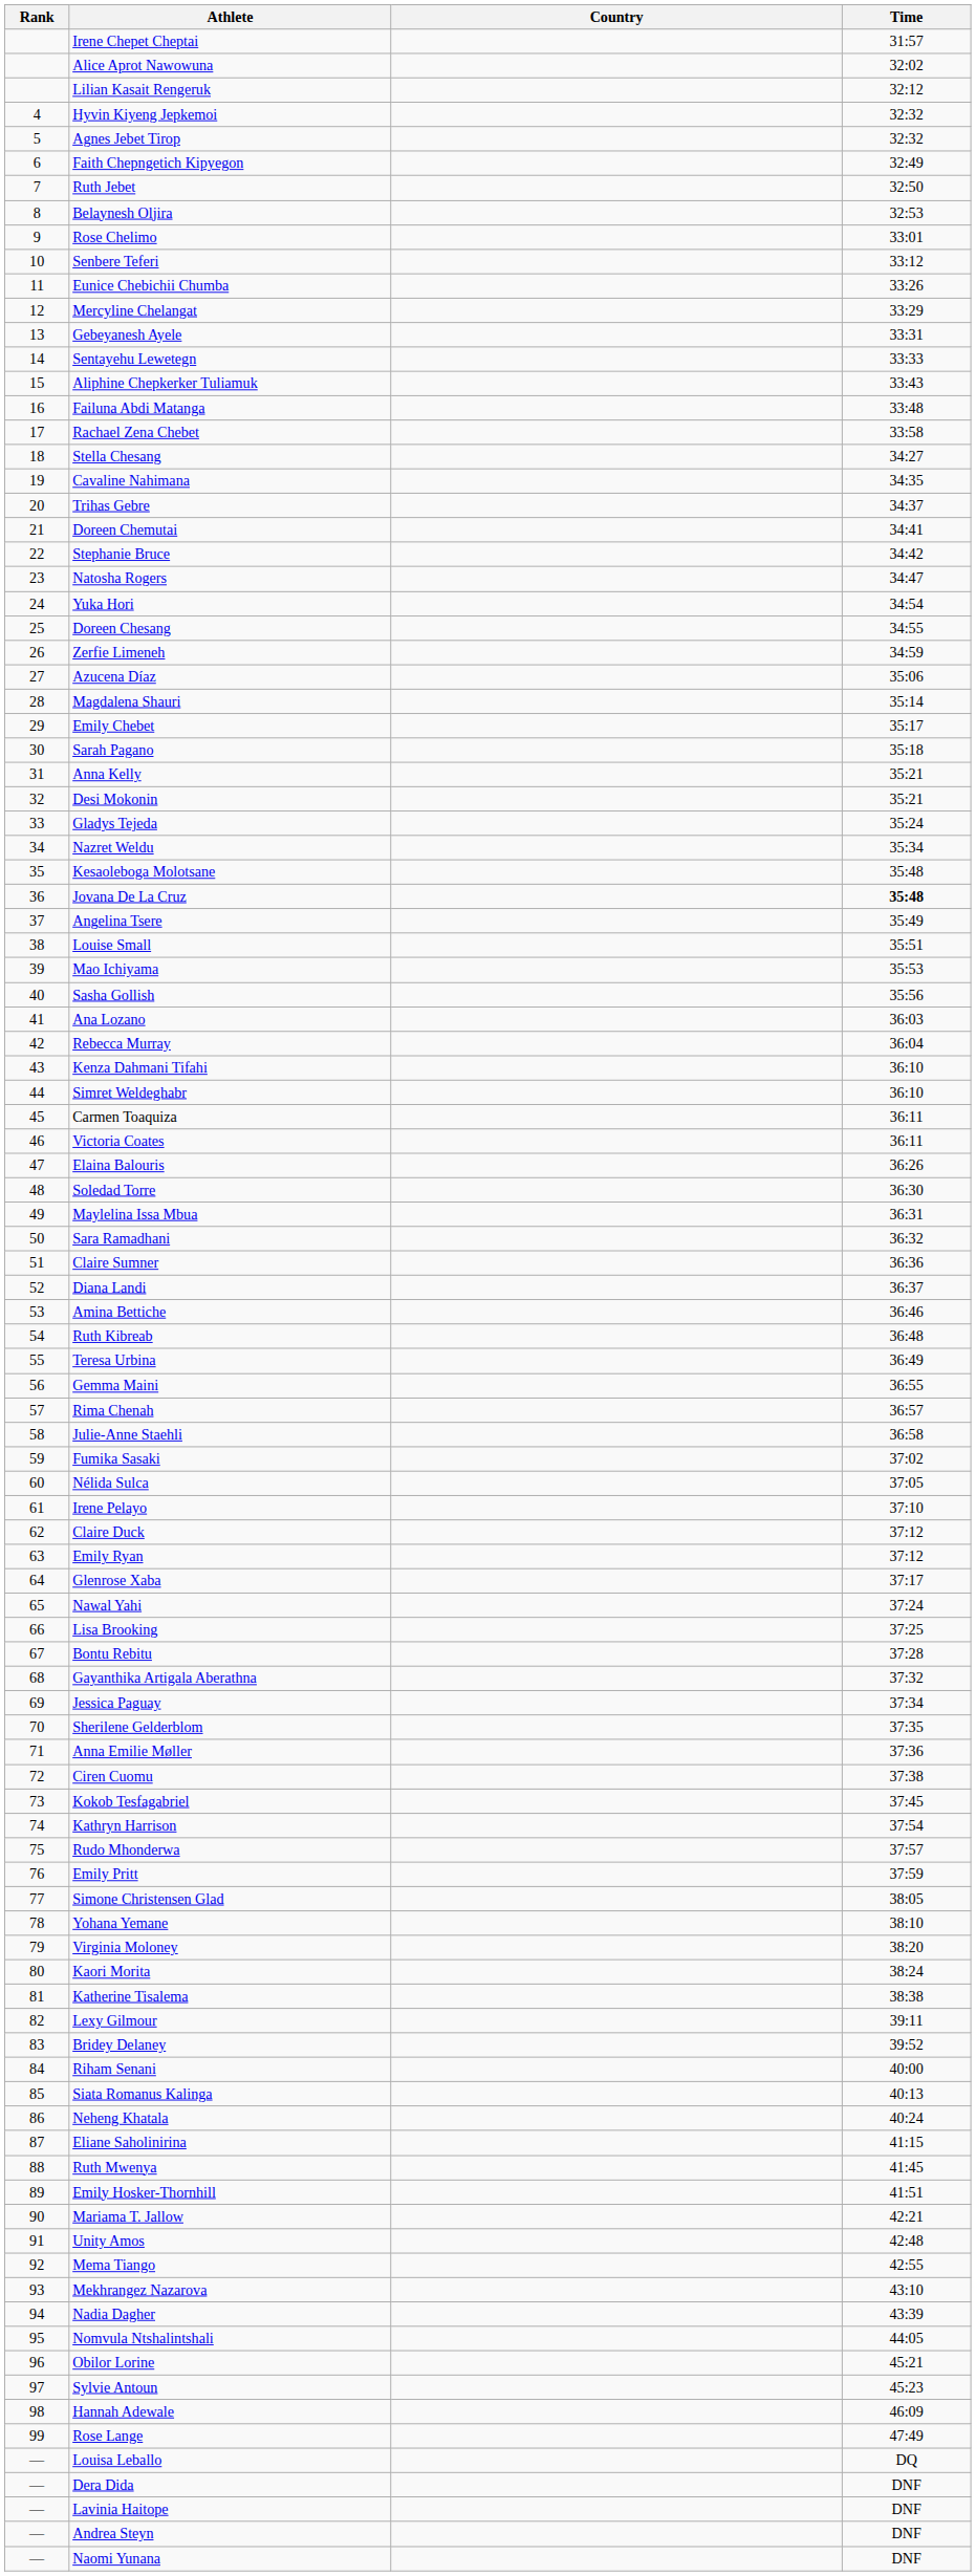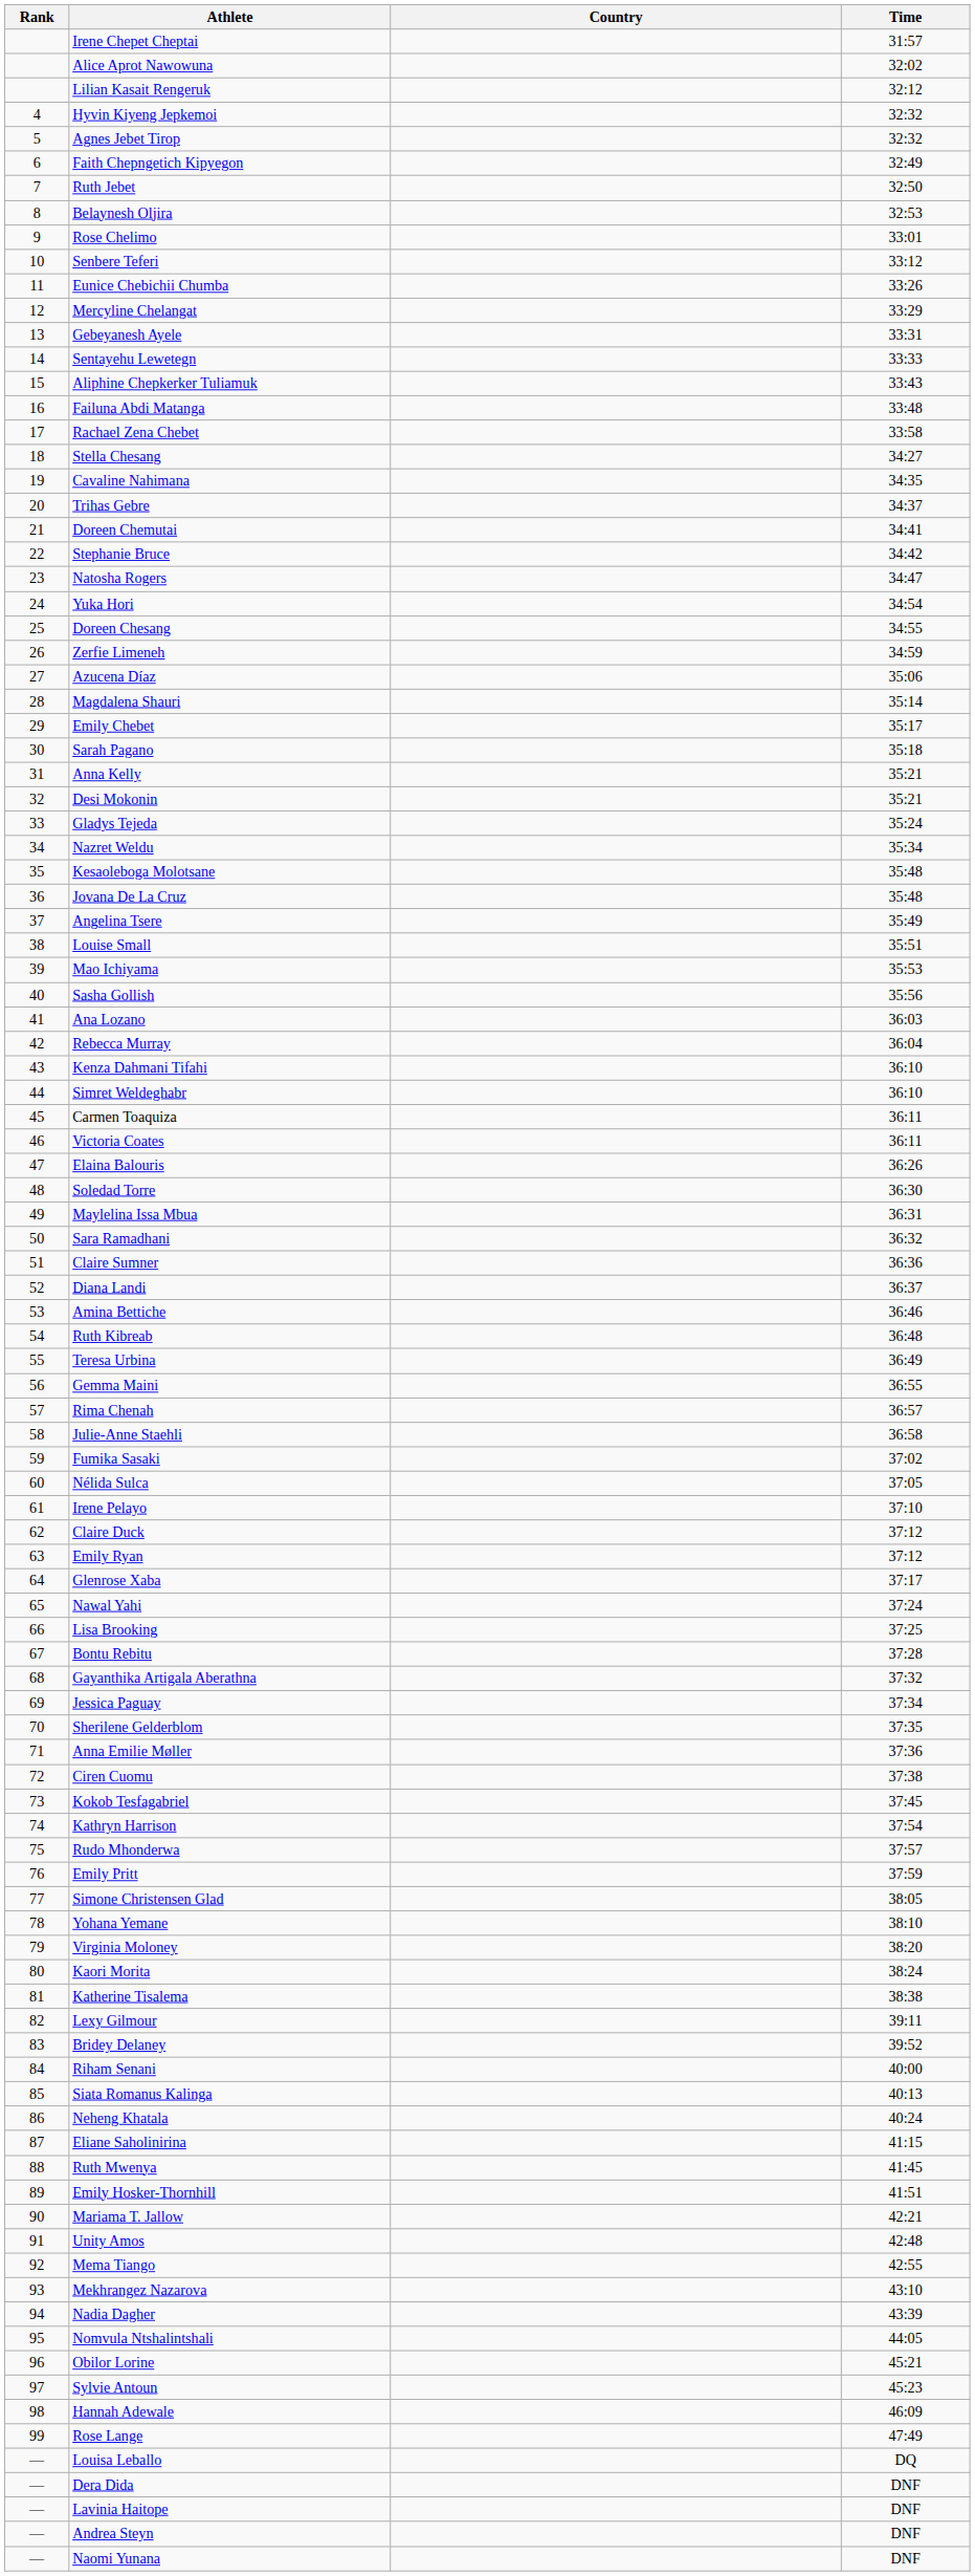 <table class="wikitable sortable" style=" text-align:center; font-size:95%;" width="50%">
 <tr>
 <th width=5%>Rank</th>
 <th width=25%>Athlete</th>
 <th width=35%>Country</th>
 <th width=10%>Time</th>
 </tr>
 <tr>
 <td align=center></td>
 <td align=left><a href='#'>Irene Chepet Cheptai</a></td>
 <td align=left></td>
 <td>31:57</td>
 </tr>
 <tr>
 <td align=center></td>
 <td align=left><a href='#'>Alice Aprot Nawowuna</a></td>
 <td align=left></td>
 <td>32:02</td>
 </tr>
 <tr>
 <td align=center></td>
 <td align=left><a href='#'>Lilian Kasait Rengeruk</a></td>
 <td align=left></td>
 <td>32:12</td>
 </tr>
 <tr>
 <td align=center>4</td>
 <td align=left><a href='#'>Hyvin Kiyeng Jepkemoi</a></td>
 <td align=left></td>
 <td>32:32</td>
 </tr>
 <tr>
 <td align=center>5</td>
 <td align=left><a href='#'>Agnes Jebet Tirop</a></td>
 <td align=left></td>
 <td>32:32</td>
 </tr>
 <tr>
 <td align=center>6</td>
 <td align=left><a href='#'>Faith Chepngetich Kipyegon</a></td>
 <td align=left></td>
 <td>32:49</td>
 </tr>
 <tr>
 <td align=center>7</td>
 <td align=left><a href='#'>Ruth Jebet</a></td>
 <td align=left></td>
 <td>32:50</td>
 </tr>
 <tr>
 <td align=center>8</td>
 <td align=left><a href='#'>Belaynesh Oljira</a></td>
 <td align=left></td>
 <td>32:53</td>
 </tr>
 <tr>
 <td align=center>9</td>
 <td align=left><a href='#'>Rose Chelimo</a></td>
 <td align=left></td>
 <td>33:01</td>
 </tr>
 <tr>
 <td align=center>10</td>
 <td align=left><a href='#'>Senbere Teferi</a></td>
 <td align=left></td>
 <td>33:12</td>
 </tr>
 <tr>
 <td align=center>11</td>
 <td align=left><a href='#'>Eunice Chebichii Chumba</a></td>
 <td align=left></td>
 <td>33:26</td>
 </tr>
 <tr>
 <td align=center>12</td>
 <td align=left><a href='#'>Mercyline Chelangat</a></td>
 <td align=left></td>
 <td>33:29</td>
 </tr>
 <tr>
 <td align=center>13</td>
 <td align=left><a href='#'>Gebeyanesh Ayele</a></td>
 <td align=left></td>
 <td>33:31</td>
 </tr>
 <tr>
 <td align=center>14</td>
 <td align=left><a href='#'>Sentayehu Lewetegn</a></td>
 <td align=left></td>
 <td>33:33</td>
 </tr>
 <tr>
 <td align=center>15</td>
 <td align=left><a href='#'>Aliphine Chepkerker Tuliamuk</a></td>
 <td align=left></td>
 <td>33:43</td>
 </tr>
 <tr>
 <td align=center>16</td>
 <td align=left><a href='#'>Failuna Abdi Matanga</a></td>
 <td align=left></td>
 <td>33:48</td>
 </tr>
 <tr>
 <td align=center>17</td>
 <td align=left><a href='#'>Rachael Zena Chebet</a></td>
 <td align=left></td>
 <td>33:58</td>
 </tr>
 <tr>
 <td align=center>18</td>
 <td align=left><a href='#'>Stella Chesang</a></td>
 <td align=left></td>
 <td>34:27</td>
 </tr>
 <tr>
 <td align=center>19</td>
 <td align=left><a href='#'>Cavaline Nahimana</a></td>
 <td align=left></td>
 <td>34:35</td>
 </tr>
 <tr>
 <td align=center>20</td>
 <td align=left><a href='#'>Trihas Gebre</a></td>
 <td align=left></td>
 <td>34:37</td>
 </tr>
 <tr>
 <td align=center>21</td>
 <td align=left><a href='#'>Doreen Chemutai</a></td>
 <td align=left></td>
 <td>34:41</td>
 </tr>
 <tr>
 <td align=center>22</td>
 <td align=left><a href='#'>Stephanie Bruce</a></td>
 <td align=left></td>
 <td>34:42</td>
 </tr>
 <tr>
 <td align=center>23</td>
 <td align=left><a href='#'>Natosha Rogers</a></td>
 <td align=left></td>
 <td>34:47</td>
 </tr>
 <tr>
 <td align=center>24</td>
 <td align=left><a href='#'>Yuka Hori</a></td>
 <td align=left></td>
 <td>34:54</td>
 </tr>
 <tr>
 <td align=center>25</td>
 <td align=left><a href='#'>Doreen Chesang</a></td>
 <td align=left></td>
 <td>34:55</td>
 </tr>
 <tr>
 <td align=center>26</td>
 <td align=left><a href='#'>Zerfie Limeneh</a></td>
 <td align=left></td>
 <td>34:59</td>
 </tr>
 <tr>
 <td align=center>27</td>
 <td align=left><a href='#'>Azucena Díaz</a></td>
 <td align=left></td>
 <td>35:06</td>
 </tr>
 <tr>
 <td align=center>28</td>
 <td align=left><a href='#'>Magdalena Shauri</a></td>
 <td align=left></td>
 <td>35:14</td>
 </tr>
 <tr>
 <td align=center>29</td>
 <td align=left><a href='#'>Emily Chebet</a></td>
 <td align=left></td>
 <td>35:17</td>
 </tr>
 <tr>
 <td align=center>30</td>
 <td align=left><a href='#'>Sarah Pagano</a></td>
 <td align=left></td>
 <td>35:18</td>
 </tr>
 <tr>
 <td align=center>31</td>
 <td align=left><a href='#'>Anna Kelly</a></td>
 <td align=left></td>
 <td>35:21</td>
 </tr>
 <tr>
 <td align=center>32</td>
 <td align=left><a href='#'>Desi Mokonin</a></td>
 <td align=left></td>
 <td>35:21</td>
 </tr>
 <tr>
 <td align=center>33</td>
 <td align=left><a href='#'>Gladys Tejeda</a></td>
 <td align=left></td>
 <td>35:24</td>
 </tr>
 <tr>
 <td align=center>34</td>
 <td align=left><a href='#'>Nazret Weldu</a></td>
 <td align=left></td>
 <td>35:34</td>
 </tr>
 <tr>
 <td align=center>35</td>
 <td align=left><a href='#'>Kesaoleboga Molotsane</a></td>
 <td align=left></td>
 <td>35:48</td>
 </tr>
 <tr>
 <td align=center>36</td>
 <td align=left><a href='#'>Jovana De La Cruz</a></td>
 <td align=left></td>
-<td><strong>35:48</strong></td>
+<td>35:48</td>
 </tr>
 <tr>
 <td align=center>37</td>
 <td align=left><a href='#'>Angelina Tsere</a></td>
 <td align=left></td>
 <td>35:49</td>
 </tr>
 <tr>
 <td align=center>38</td>
 <td align=left><a href='#'>Louise Small</a></td>
 <td align=left></td>
 <td>35:51</td>
 </tr>
 <tr>
 <td align=center>39</td>
 <td align=left><a href='#'>Mao Ichiyama</a></td>
 <td align=left></td>
 <td>35:53</td>
 </tr>
 <tr>
 <td align=center>40</td>
 <td align=left><a href='#'>Sasha Gollish</a></td>
 <td align=left></td>
 <td>35:56</td>
 </tr>
 <tr>
 <td align=center>41</td>
 <td align=left><a href='#'>Ana Lozano</a></td>
 <td align=left></td>
 <td>36:03</td>
 </tr>
 <tr>
 <td align=center>42</td>
 <td align=left><a href='#'>Rebecca Murray</a></td>
 <td align=left></td>
 <td>36:04</td>
 </tr>
 <tr>
 <td align=center>43</td>
 <td align=left><a href='#'>Kenza Dahmani Tifahi</a></td>
 <td align=left></td>
 <td>36:10</td>
 </tr>
 <tr>
 <td align=center>44</td>
 <td align=left><a href='#'>Simret Weldeghabr</a></td>
 <td align=left></td>
 <td>36:10</td>
 </tr>
 <tr>
 <td align=center>45</td>
 <td align=left>Carmen Toaquiza</td>
 <td align=left></td>
 <td>36:11</td>
 </tr>
 <tr>
 <td align=center>46</td>
 <td align=left><a href='#'>Victoria Coates</a></td>
 <td align=left></td>
 <td>36:11</td>
 </tr>
 <tr>
 <td align=center>47</td>
 <td align=left><a href='#'>Elaina Balouris</a></td>
 <td align=left></td>
 <td>36:26</td>
 </tr>
 <tr>
 <td align=center>48</td>
 <td align=left><a href='#'>Soledad Torre</a></td>
 <td align=left></td>
 <td>36:30</td>
 </tr>
 <tr>
 <td align=center>49</td>
 <td align=left><a href='#'>Maylelina Issa Mbua</a></td>
 <td align=left></td>
 <td>36:31</td>
 </tr>
 <tr>
 <td align=center>50</td>
 <td align=left><a href='#'>Sara Ramadhani</a></td>
 <td align=left></td>
 <td>36:32</td>
 </tr>
 <tr>
 <td align=center>51</td>
 <td align=left><a href='#'>Claire Sumner</a></td>
 <td align=left></td>
 <td>36:36</td>
 </tr>
 <tr>
 <td align=center>52</td>
 <td align=left><a href='#'>Diana Landi</a></td>
 <td align=left></td>
 <td>36:37</td>
 </tr>
 <tr>
 <td align=center>53</td>
 <td align=left><a href='#'>Amina Bettiche</a></td>
 <td align=left></td>
 <td>36:46</td>
 </tr>
 <tr>
 <td align=center>54</td>
 <td align=left><a href='#'>Ruth Kibreab</a></td>
 <td align=left></td>
 <td>36:48</td>
 </tr>
 <tr>
 <td align=center>55</td>
 <td align=left><a href='#'>Teresa Urbina</a></td>
 <td align=left></td>
 <td>36:49</td>
 </tr>
 <tr>
 <td align=center>56</td>
 <td align=left><a href='#'>Gemma Maini</a></td>
 <td align=left></td>
 <td>36:55</td>
 </tr>
 <tr>
 <td align=center>57</td>
 <td align=left><a href='#'>Rima Chenah</a></td>
 <td align=left></td>
 <td>36:57</td>
 </tr>
 <tr>
 <td align=center>58</td>
 <td align=left><a href='#'>Julie-Anne Staehli</a></td>
 <td align=left></td>
 <td>36:58</td>
 </tr>
 <tr>
 <td align=center>59</td>
 <td align=left><a href='#'>Fumika Sasaki</a></td>
 <td align=left></td>
 <td>37:02</td>
 </tr>
 <tr>
 <td align=center>60</td>
 <td align=left><a href='#'>Nélida Sulca</a></td>
 <td align=left></td>
 <td>37:05</td>
 </tr>
 <tr>
 <td align=center>61</td>
 <td align=left><a href='#'>Irene Pelayo</a></td>
 <td align=left></td>
 <td>37:10</td>
 </tr>
 <tr>
 <td align=center>62</td>
 <td align=left><a href='#'>Claire Duck</a></td>
 <td align=left></td>
 <td>37:12</td>
 </tr>
 <tr>
 <td align=center>63</td>
 <td align=left><a href='#'>Emily Ryan</a></td>
 <td align=left></td>
 <td>37:12</td>
 </tr>
 <tr>
 <td align=center>64</td>
 <td align=left><a href='#'>Glenrose Xaba</a></td>
 <td align=left></td>
 <td>37:17</td>
 </tr>
 <tr>
 <td align=center>65</td>
 <td align=left><a href='#'>Nawal Yahi</a></td>
 <td align=left></td>
 <td>37:24</td>
 </tr>
 <tr>
 <td align=center>66</td>
 <td align=left><a href='#'>Lisa Brooking</a></td>
 <td align=left></td>
 <td>37:25</td>
 </tr>
 <tr>
 <td align=center>67</td>
 <td align=left><a href='#'>Bontu Rebitu</a></td>
 <td align=left></td>
 <td>37:28</td>
 </tr>
 <tr>
 <td align=center>68</td>
 <td align=left><a href='#'>Gayanthika Artigala Aberathna</a></td>
 <td align=left></td>
 <td>37:32</td>
 </tr>
 <tr>
 <td align=center>69</td>
 <td align=left><a href='#'>Jessica Paguay</a></td>
 <td align=left></td>
 <td>37:34</td>
 </tr>
 <tr>
 <td align=center>70</td>
 <td align=left><a href='#'>Sherilene Gelderblom</a></td>
 <td align=left></td>
 <td>37:35</td>
 </tr>
 <tr>
 <td align=center>71</td>
 <td align=left><a href='#'>Anna Emilie Møller</a></td>
 <td align=left></td>
 <td>37:36</td>
 </tr>
 <tr>
 <td align=center>72</td>
 <td align=left><a href='#'>Ciren Cuomu</a></td>
 <td align=left></td>
 <td>37:38</td>
 </tr>
 <tr>
 <td align=center>73</td>
 <td align=left><a href='#'>Kokob Tesfagabriel</a></td>
 <td align=left></td>
 <td>37:45</td>
 </tr>
 <tr>
 <td align=center>74</td>
 <td align=left><a href='#'>Kathryn Harrison</a></td>
 <td align=left></td>
 <td>37:54</td>
 </tr>
 <tr>
 <td align=center>75</td>
 <td align=left><a href='#'>Rudo Mhonderwa</a></td>
 <td align=left></td>
 <td>37:57</td>
 </tr>
 <tr>
 <td align=center>76</td>
 <td align=left><a href='#'>Emily Pritt</a></td>
 <td align=left></td>
 <td>37:59</td>
 </tr>
 <tr>
 <td align=center>77</td>
 <td align=left><a href='#'>Simone Christensen Glad</a></td>
 <td align=left></td>
 <td>38:05</td>
 </tr>
 <tr>
 <td align=center>78</td>
 <td align=left><a href='#'>Yohana Yemane</a></td>
 <td align=left></td>
 <td>38:10</td>
 </tr>
 <tr>
 <td align=center>79</td>
 <td align=left><a href='#'>Virginia Moloney</a></td>
 <td align=left></td>
 <td>38:20</td>
 </tr>
 <tr>
 <td align=center>80</td>
 <td align=left><a href='#'>Kaori Morita</a></td>
 <td align=left></td>
 <td>38:24</td>
 </tr>
 <tr>
 <td align=center>81</td>
 <td align=left><a href='#'>Katherine Tisalema</a></td>
 <td align=left></td>
 <td>38:38</td>
 </tr>
 <tr>
 <td align=center>82</td>
 <td align=left><a href='#'>Lexy Gilmour</a></td>
 <td align=left></td>
 <td>39:11</td>
 </tr>
 <tr>
 <td align=center>83</td>
 <td align=left><a href='#'>Bridey Delaney</a></td>
 <td align=left></td>
 <td>39:52</td>
 </tr>
 <tr>
 <td align=center>84</td>
 <td align=left><a href='#'>Riham Senani</a></td>
 <td align=left></td>
 <td>40:00</td>
 </tr>
 <tr>
 <td align=center>85</td>
 <td align=left><a href='#'>Siata Romanus Kalinga</a></td>
 <td align=left></td>
 <td>40:13</td>
 </tr>
 <tr>
 <td align=center>86</td>
 <td align=left><a href='#'>Neheng Khatala</a></td>
 <td align=left></td>
 <td>40:24</td>
 </tr>
 <tr>
 <td align=center>87</td>
 <td align=left><a href='#'>Eliane Saholinirina</a></td>
 <td align=left></td>
 <td>41:15</td>
 </tr>
 <tr>
 <td align=center>88</td>
 <td align=left><a href='#'>Ruth Mwenya</a></td>
 <td align=left></td>
 <td>41:45</td>
 </tr>
 <tr>
 <td align=center>89</td>
 <td align=left><a href='#'>Emily Hosker-Thornhill</a></td>
 <td align=left></td>
 <td>41:51</td>
 </tr>
 <tr>
 <td align=center>90</td>
 <td align=left><a href='#'>Mariama T. Jallow</a></td>
 <td align=left></td>
 <td>42:21</td>
 </tr>
 <tr>
 <td align=center>91</td>
 <td align=left><a href='#'>Unity Amos</a></td>
 <td align=left></td>
 <td>42:48</td>
 </tr>
 <tr>
 <td align=center>92</td>
 <td align=left><a href='#'>Mema Tiango</a></td>
 <td align=left></td>
 <td>42:55</td>
 </tr>
 <tr>
 <td align=center>93</td>
 <td align=left><a href='#'>Mekhrangez Nazarova</a></td>
 <td align=left></td>
 <td>43:10</td>
 </tr>
 <tr>
 <td align=center>94</td>
 <td align=left><a href='#'>Nadia Dagher</a></td>
 <td align=left></td>
 <td>43:39</td>
 </tr>
 <tr>
 <td align=center>95</td>
 <td align=left><a href='#'>Nomvula Ntshalintshali</a></td>
 <td align=left></td>
 <td>44:05</td>
 </tr>
 <tr>
 <td align=center>96</td>
 <td align=left><a href='#'>Obilor Lorine</a></td>
 <td align=left></td>
 <td>45:21</td>
 </tr>
 <tr>
 <td align=center>97</td>
 <td align=left><a href='#'>Sylvie Antoun</a></td>
 <td align=left></td>
 <td>45:23</td>
 </tr>
 <tr>
 <td align=center>98</td>
 <td align=left><a href='#'>Hannah Adewale</a></td>
 <td align=left></td>
 <td>46:09</td>
 </tr>
 <tr>
 <td align=center>99</td>
 <td align=left><a href='#'>Rose Lange</a></td>
 <td align=left></td>
 <td>47:49</td>
 </tr>
 <tr>
 <td align=center>—</td>
 <td align=left><a href='#'>Louisa Leballo</a></td>
 <td align=left></td>
 <td>DQ</td>
 </tr>
 <tr>
 <td align=center>—</td>
 <td align=left><a href='#'>Dera Dida</a></td>
 <td align=left></td>
 <td>DNF</td>
 </tr>
 <tr>
 <td align=center>—</td>
 <td align=left><a href='#'>Lavinia Haitope</a></td>
 <td align=left></td>
 <td>DNF</td>
 </tr>
 <tr>
 <td align=center>—</td>
 <td align=left><a href='#'>Andrea Steyn</a></td>
 <td align=left></td>
 <td>DNF</td>
 </tr>
 <tr>
 <td align=center>—</td>
 <td align=left><a href='#'>Naomi Yunana</a></td>
 <td align=left></td>
 <td>DNF</td>
 </tr>
 </table>
